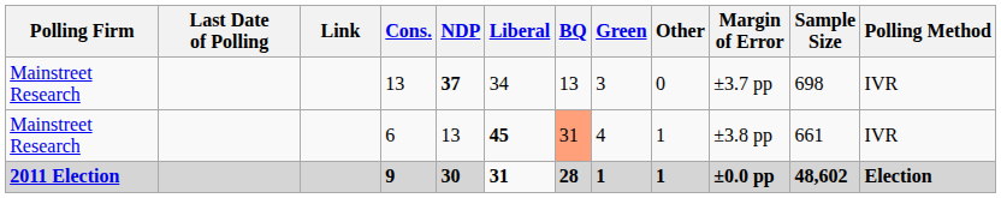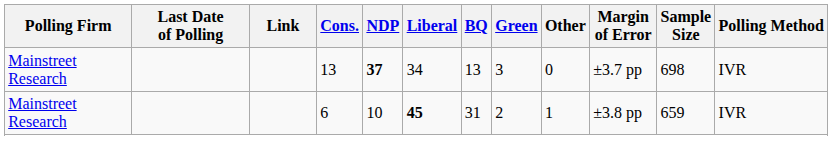 <table class="wikitable sortable">
 <tr style="background:#e9e9e9;">
 <th style="width:120px">Polling Firm</th>
 <th style="width:110px">Last Date<br>of Polling</th>
 <th style="width:60px" class="unsortable">Link</th>
 <th style="background-color:"><strong><a href='#'>Cons.</a></strong></th>
 <th style="background-color:"><strong><a href='#'>NDP</a></strong></th>
 <th style="background-color:"><strong><a href='#'>Liberal</a></strong></th>
 <th style="background-color:"><strong><a href='#'>BQ</a></strong></th>
 <th style="background-color:"><strong><a href='#'>Green</a></strong></th>
 <th style="background-color:"><strong>Other</strong></th>
 <th style="width:60px;" class=unsortable>Margin<br>of Error</th>
 <th style="width:50px;" class=unsortable>Sample<br>Size</th>
 <th class=unsortable>Polling Method</th>
 </tr>
 <tr>
 <td><a href='#'>Mainstreet Research</a></td>
 <td></td>
 <td></td>
 <td>13</td>
 <td><strong>37</strong></td>
 <td>34</td>
 <td>13</td>
 <td>3</td>
 <td>0</td>
 <td>±3.7 pp</td>
 <td>698</td>
 <td>IVR</td>
 </tr>
 <tr>
 <td><a href='#'>Mainstreet Research</a></td>
 <td></td>
 <td></td>
 <td>6</td>
-<td>13</td>
+<td>10</td>
 <td><strong>45</strong></td>
-<td style="background: lightsalmon;">31</td>
-<td>4</td>
+<td>31</td>
+<td>2</td>
 <td>1</td>
 <td>±3.8 pp</td>
-<td>661</td>
+<td>659</td>
 <td>IVR</td>
-</tr>
-<tr>
-<td style="background:#D5D5D5"><strong><a href='#'>2011 Election</a></strong></td>
-<td style="background:#D5D5D5"><strong></strong></td>
-<td style="background:#D5D5D5"></td>
-<td style="background:#D5D5D5"><strong>9</strong></td>
-<td style="background:#D5D5D5"><strong>30</strong></td>
-<td><strong>31</strong></td>
-<td style="background:#D5D5D5"><strong>28</strong></td>
-<td style="background:#D5D5D5"><strong>1</strong></td>
-<td style="background:#D5D5D5"><strong>1</strong></td>
-<td style="background:#D5D5D5"><strong>±0.0 pp</strong></td>
-<td style="background:#D5D5D5"><strong>48,602</strong></td>
-<td style="background:#D5D5D5"><strong>Election</strong></td>
 </tr>
 <tr>
 </tr>
 <tr>
 </tr>
 </table>
